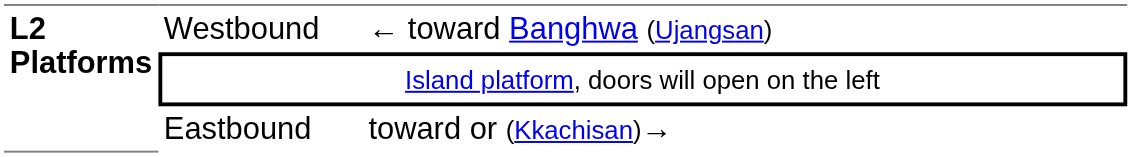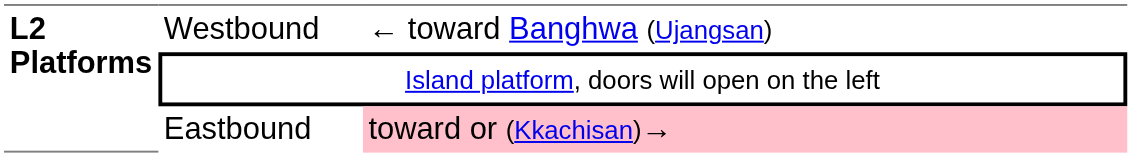 <table table border=0 cellspacing=0 cellpadding=3>
 <tr>
 <td style="border-top:solid 1px gray;border-bottom:solid 1px gray;" width=50 rowspan=10 valign=top><strong>L2<br>Platforms</strong></td>
 <td style="border-bottom:solid 0px gray;border-top:solid 1px gray;" width=100>Westbound</td>
 <td style="border-bottom:solid 0px gray;border-top:solid 1px gray;" width=390>←  toward <a href='#'>Banghwa</a> <small>(<a href='#'>Ujangsan</a>)</small></td>
 </tr>
 <tr>
 <td style="border-top:solid 2px black;border-right:solid 2px black;border-left:solid 2px black;border-bottom:solid 2px black;text-align:center;" colspan=2><small><a href='#'>Island platform</a>, doors will open on the left</small></td>
 </tr>
 <tr>
 <td>Eastbound</td>
-<td>  toward  or  <small>(<a href='#'>Kkachisan</a>)</small>→</td>
+<td style="background: pink;">  toward  or  <small>(<a href='#'>Kkachisan</a>)</small>→</td>
 </tr>
 </table>
